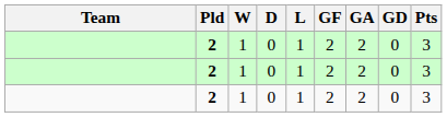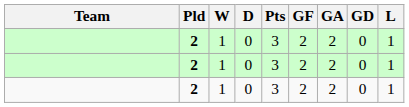 <table class="wikitable" style="text-align:center;">
 <tr>
 <th width=175>Team</th>
 <th width=20 abbr="Played">Pld</th>
 <th width=20 abbr="Won">W</th>
 <th width=20 abbr="Drawn">D</th>
-<th width=20 abbr="Lost">L</th>
+<th width=20 abbr="Points">Pts</th>
 <th width=20 abbr="Goals for">GF</th>
 <th width=20 abbr="Goals against">GA</th>
 <th width=20 abbr="Goal difference">GD</th>
-<th width=20 abbr="Points">Pts</th>
+<th width=20 abbr="Lost">L</th>
 </tr>
 <tr ---- align="center" bgcolor="ccffcc">
 <td align="left"></td>
 <td><strong>2</strong></td>
 <td>1</td>
 <td>0</td>
-<td>1</td>
+<td>3</td>
 <td>2</td>
 <td>2</td>
 <td>0</td>
-<td>3</td>
+<td>1</td>
 </tr>
 <tr ---- align="center" bgcolor="ccffcc">
 <td align="left"></td>
 <td><strong>2</strong></td>
 <td>1</td>
 <td>0</td>
-<td>1</td>
+<td>3</td>
 <td>2</td>
 <td>2</td>
 <td>0</td>
-<td>3</td>
+<td>1</td>
 </tr>
 <tr ---- align="center">
 <td align="left"></td>
 <td><strong>2</strong></td>
 <td>1</td>
 <td>0</td>
-<td>1</td>
+<td>3</td>
 <td>2</td>
 <td>2</td>
 <td>0</td>
-<td>3</td>
+<td>1</td>
 </tr>
 </table>
